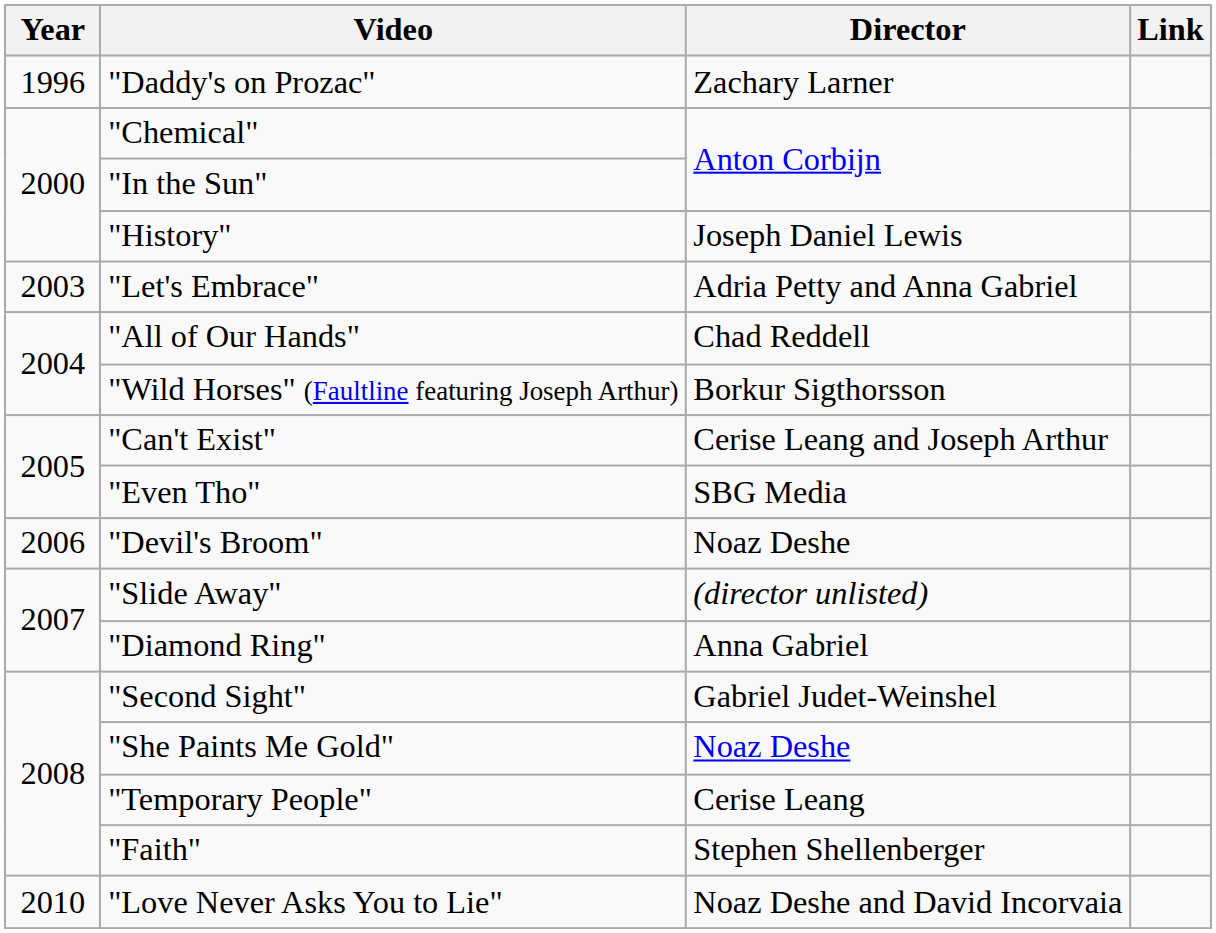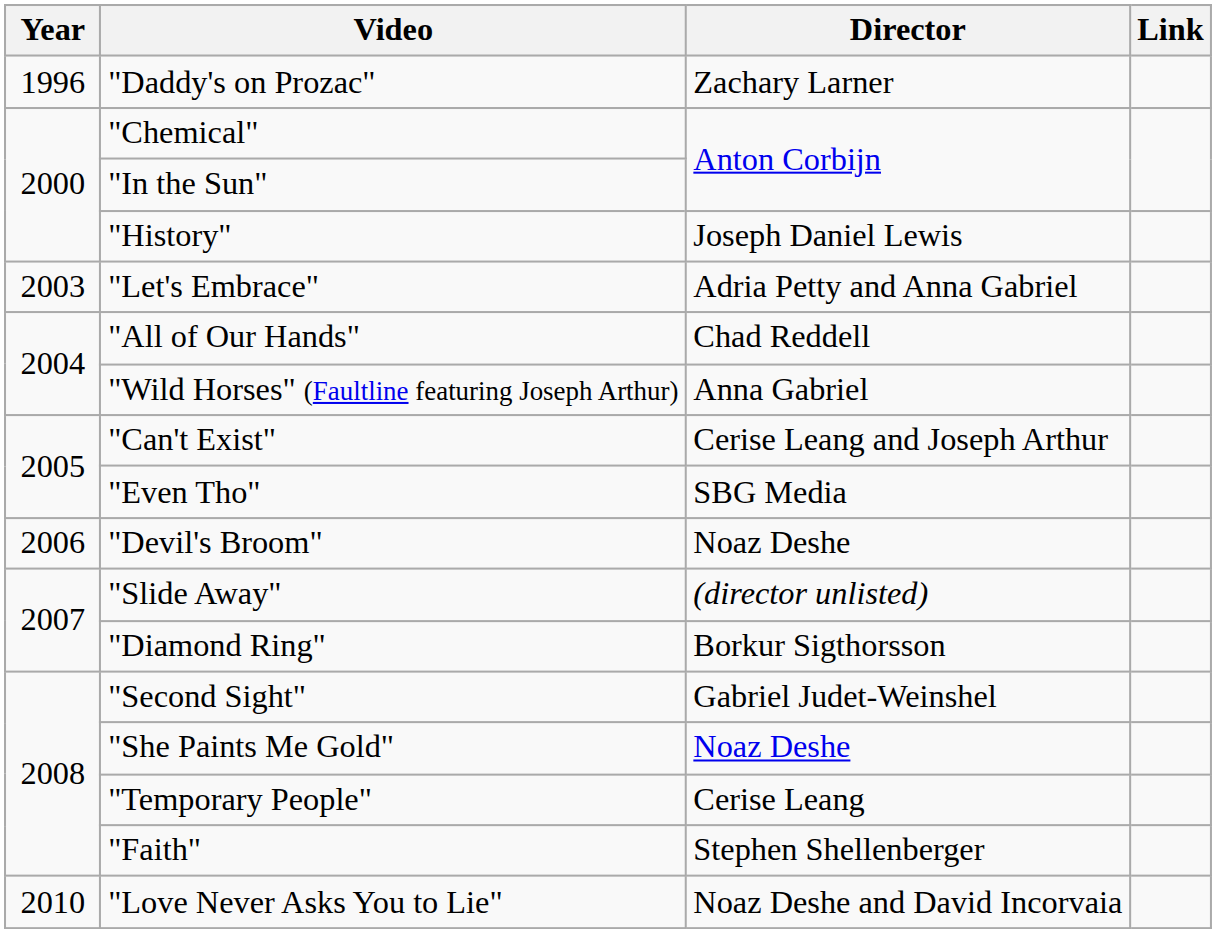 <table class="wikitable">
 <tr>
 <th align="center" valign="top" width="40">Year</th>
 <th align="left" valign="top">Video</th>
 <th align="left" valign="top">Director</th>
 <th align="left" valign="top">Link</th>
 </tr>
 <tr>
 <td align="center" rowspan="1">1996</td>
 <td align="left" valign="top">"Daddy's on Prozac"</td>
 <td align="left" valign="top">Zachary Larner</td>
 <td align="left" valign="top"></td>
 </tr>
 <tr>
 <td align="center" rowspan="3">2000</td>
 <td align="left" valign="top">"Chemical"</td>
 <td align="left" rowspan="2"><a href='#'>Anton Corbijn</a></td>
 <td align="left" rowspan="2"></td>
 </tr>
 <tr>
 <td align="left" valign="top">"In the Sun"</td>
 </tr>
 <tr>
 <td align="left" valign="top">"History"</td>
 <td align="left" valign="top">Joseph Daniel Lewis</td>
 <td align="left" valign="top"></td>
 </tr>
 <tr>
 <td align="center" rowspan="1">2003</td>
 <td align="left" valign="top">"Let's Embrace"</td>
 <td align="left" valign="top">Adria Petty and Anna Gabriel</td>
 <td align="left" valign="top"></td>
 </tr>
 <tr>
 <td align="center" rowspan="2">2004</td>
 <td align="left" valign="top">"All of Our Hands"</td>
 <td align="left" valign="top">Chad Reddell</td>
 <td align="left" valign="top"></td>
 </tr>
 <tr>
 <td align="left" valign="top">"Wild Horses" <small>(<a href='#'>Faultline</a> featuring Joseph Arthur)</small></td>
-<td align="left" valign="top">Borkur Sigthorsson</td>
+<td align="left" valign="top">Anna Gabriel</td>
 <td align="left" valign="top"></td>
 </tr>
 <tr>
 <td align="center" rowspan="2">2005</td>
 <td align="left" valign="top">"Can't Exist"</td>
 <td align="left" valign="top">Cerise Leang and Joseph Arthur</td>
 <td align="left" valign="top"></td>
 </tr>
 <tr>
 <td align="left" valign="top">"Even Tho"</td>
 <td align="left" valign="top">SBG Media</td>
 <td align="left" valign="top"></td>
 </tr>
 <tr>
 <td align="center" rowspan="1">2006</td>
 <td align="left" valign="top">"Devil's Broom"</td>
 <td align="left" valign="top">Noaz Deshe</td>
 <td align="left" valign="top"></td>
 </tr>
 <tr>
 <td align="center" rowspan="2">2007</td>
 <td align="left" valign="top">"Slide Away"</td>
 <td align="left" valign="top"><em>(director unlisted)</em></td>
 <td align="left" valign="top"></td>
 </tr>
 <tr>
 <td align="left" valign="top">"Diamond Ring"</td>
-<td align="left" valign="top">Anna Gabriel</td>
+<td align="left" valign="top">Borkur Sigthorsson</td>
 <td align="left" valign="top"></td>
 </tr>
 <tr>
 <td align="center" rowspan="4">2008</td>
 <td align="left" valign="top">"Second Sight"</td>
 <td align="left" valign="top">Gabriel Judet-Weinshel</td>
 <td align="left" valign="top"></td>
 </tr>
 <tr>
 <td align="left" valign="top">"She Paints Me Gold"</td>
 <td align="left" valign="top"><a href='#'>Noaz Deshe</a></td>
 <td align="left" valign="top"></td>
 </tr>
 <tr>
 <td align="left" valign="top">"Temporary People"</td>
 <td align="left" valign="top">Cerise Leang</td>
 <td align="left" valign="top"></td>
 </tr>
 <tr>
 <td align="left" valign="top">"Faith"</td>
 <td align="left" valign="top">Stephen Shellenberger</td>
 <td align="left" valign="top"></td>
 </tr>
 <tr>
 <td align="center" rowspan="1">2010</td>
 <td align="left" valign="top">"Love Never Asks You to Lie"</td>
 <td align="left" valign="top">Noaz Deshe and David Incorvaia</td>
 <td align="left" valign="top"></td>
 </tr>
 </table>
